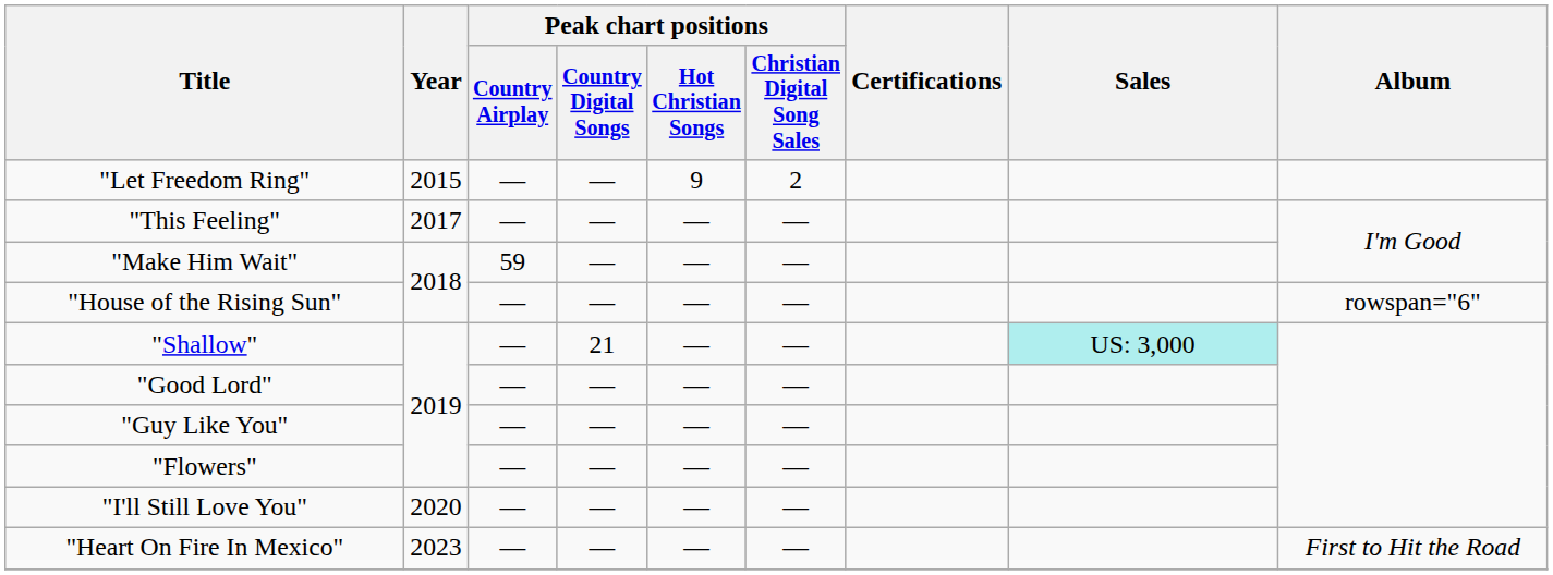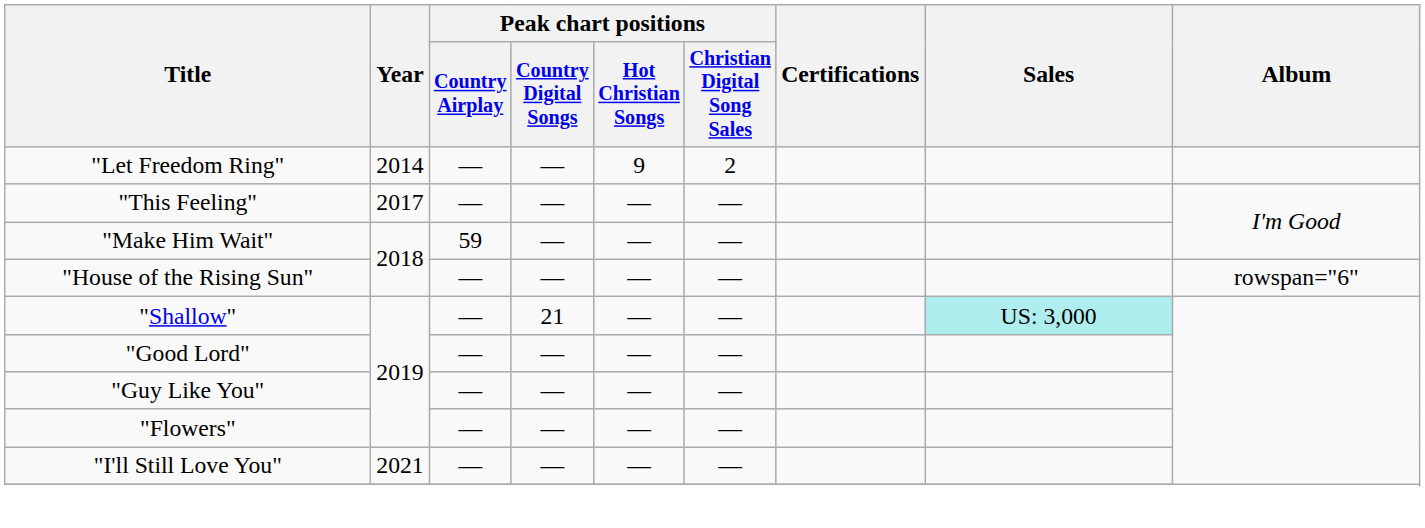 <table class="wikitable plainrowheaders" style="text-align:center;">
 <tr>
 <th scope="col" rowspan="2" style="width:15em;">Title</th>
 <th scope="col" rowspan="2" style="width:1em;">Year</th>
 <th scope="col" colspan="4">Peak chart positions</th>
 <th scope="col" rowspan="2">Certifications</th>
 <th scope="col" rowspan="2" style="width:10em;">Sales</th>
 <th scope="col" rowspan="2" style="width:10em;">Album</th>
 </tr>
 <tr>
 <th scope="col" style="width:3em;font-size:85%;"><a href='#'>Country Airplay</a><br></th>
 <th scope="col" style="width:3em;font-size:85%;"><a href='#'>Country Digital Songs</a><br></th>
 <th scope="col" style="width:3em;font-size:85%;"><a href='#'>Hot Christian Songs</a><br></th>
 <th scope="col" style="width:3em;font-size:85%;"><a href='#'>Christian Digital Song Sales</a><br></th>
 </tr>
 <tr>
 <td>"Let Freedom Ring"</td>
-<td>2015</td>
+<td>2014</td>
 <td>—</td>
 <td>—</td>
 <td>9</td>
 <td>2</td>
 <td></td>
 <td></td>
 <td></td>
 </tr>
 <tr>
 <td>"This Feeling"</td>
 <td>2017</td>
 <td>—</td>
 <td>—</td>
 <td>—</td>
 <td>—</td>
 <td></td>
 <td></td>
 <td rowspan="2"><em>I'm Good</em></td>
 </tr>
 <tr>
 <td>"Make Him Wait"</td>
 <td rowspan="2">2018</td>
 <td>59</td>
 <td>—</td>
 <td>—</td>
 <td>—</td>
 <td></td>
 <td></td>
 </tr>
 <tr>
 <td>"House of the Rising Sun"</td>
 <td>—</td>
 <td>—</td>
 <td>—</td>
 <td>—</td>
 <td></td>
 <td></td>
 <td>rowspan="6" </td>
 </tr>
 <tr>
 <td>"<a href='#'>Shallow</a>" </td>
 <td rowspan="4">2019</td>
 <td>—</td>
 <td>21</td>
 <td>—</td>
 <td>—</td>
 <td></td>
 <td style="background: paleturquoise;">US: 3,000 </td>
 </tr>
 <tr>
 <td>"Good Lord"</td>
 <td>—</td>
 <td>—</td>
 <td>—</td>
 <td>—</td>
 <td></td>
 <td></td>
 </tr>
 <tr>
 <td>"Guy Like You"</td>
 <td>—</td>
 <td>—</td>
 <td>—</td>
 <td>—</td>
 <td></td>
 <td></td>
 </tr>
 <tr>
 <td>"Flowers"</td>
 <td>—</td>
 <td>—</td>
 <td>—</td>
 <td>—</td>
 <td></td>
 <td></td>
 </tr>
 <tr>
 <td>"I'll Still Love You"</td>
-<td>2020</td>
+<td>2021</td>
 <td>—</td>
 <td>—</td>
 <td>—</td>
 <td>—</td>
 <td></td>
 <td></td>
 </tr>
 <tr>
-<td>"Heart On Fire In Mexico"</td>
-<td>2023</td>
-<td>—</td>
-<td>—</td>
-<td>—</td>
-<td>—</td>
-<td></td>
-<td></td>
-<td><em>First to Hit the Road</em></td>
-</tr>
-<tr>
 </tr>
 </table>
